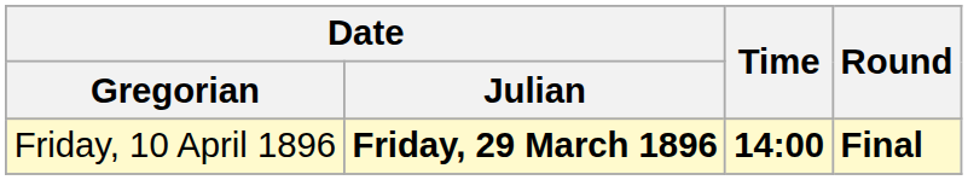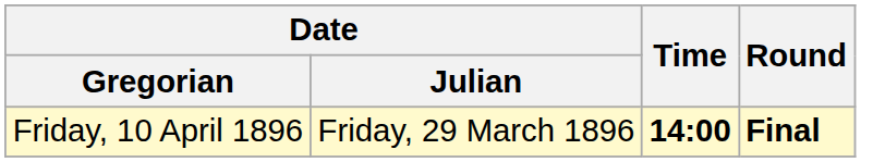 <table class="wikitable">
 <tr>
 <th colspan=2>Date</th>
 <th rowspan=2>Time</th>
 <th rowspan=2>Round</th>
 </tr>
 <tr>
 <th>Gregorian</th>
 <th>Julian</th>
 </tr>
 <tr style=background:lemonchiffon>
 <td>Friday, 10 April 1896</td>
-<td><strong>Friday, 29 March 1896</strong></td>
+<td>Friday, 29 March 1896</td>
 <td><strong>14:00</strong></td>
 <td><strong>Final</strong></td>
 </tr>
 </table>
